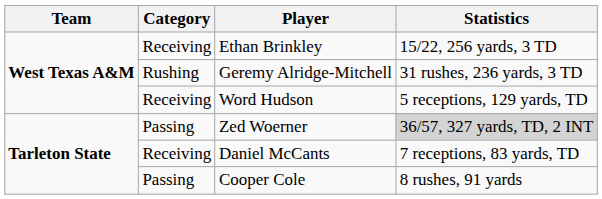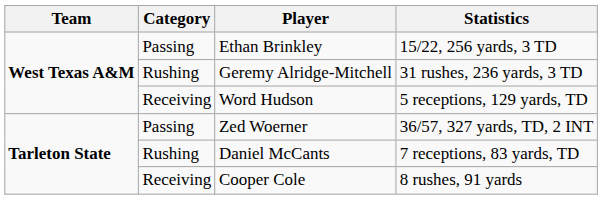 <table class="wikitable" style="float: right;">
 <tr>
 <th>Team</th>
 <th>Category</th>
 <th>Player</th>
 <th>Statistics</th>
 </tr>
 <tr>
 <td rowspan=3><strong>West Texas A&M</strong></td>
-<td>Receiving</td>
+<td>Passing</td>
 <td>Ethan Brinkley</td>
 <td>15/22, 256 yards, 3 TD</td>
 </tr>
 <tr>
 <td>Rushing</td>
 <td>Geremy Alridge-Mitchell</td>
 <td>31 rushes, 236 yards, 3 TD</td>
 </tr>
 <tr>
 <td>Receiving</td>
 <td>Word Hudson</td>
 <td>5 receptions, 129 yards, TD</td>
 </tr>
 <tr>
 <td rowspan=3><strong>Tarleton State</strong></td>
 <td>Passing</td>
 <td>Zed Woerner</td>
-<td style="background: lightgrey;">36/57, 327 yards, TD, 2 INT</td>
+<td>36/57, 327 yards, TD, 2 INT</td>
 </tr>
 <tr>
-<td>Receiving</td>
+<td>Rushing</td>
 <td>Daniel McCants</td>
 <td>7 receptions, 83 yards, TD</td>
 </tr>
 <tr>
-<td>Passing</td>
+<td>Receiving</td>
 <td>Cooper Cole</td>
 <td>8 rushes, 91 yards</td>
 </tr>
 </table>
